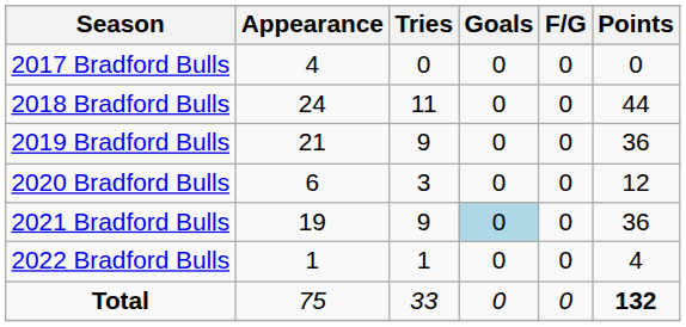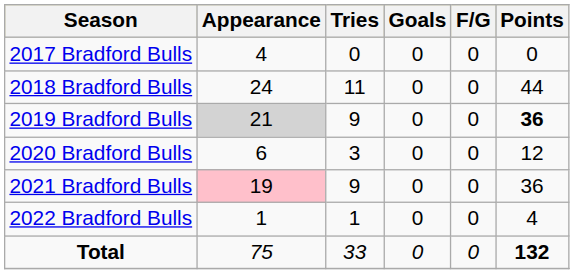 <table class="wikitable" style="text-align:center;">
 <tr bgcolor=#bdb76b>
 <th>Season</th>
 <th>Appearance</th>
 <th>Tries</th>
 <th>Goals</th>
 <th>F/G</th>
 <th>Points</th>
 </tr>
 <tr>
 <td><a href='#'>2017 Bradford Bulls</a></td>
 <td>4</td>
 <td>0</td>
 <td>0</td>
 <td>0</td>
 <td>0</td>
 </tr>
 <tr>
 <td><a href='#'>2018 Bradford Bulls</a></td>
 <td>24</td>
 <td>11</td>
 <td>0</td>
 <td>0</td>
 <td>44</td>
 </tr>
 <tr>
 <td><a href='#'>2019 Bradford Bulls</a></td>
-<td>21</td>
+<td style="background: lightgrey;">21</td>
 <td>9</td>
 <td>0</td>
 <td>0</td>
-<td>36</td>
+<td><strong>36</strong></td>
 </tr>
 <tr>
 <td><a href='#'>2020 Bradford Bulls</a></td>
 <td>6</td>
 <td>3</td>
 <td>0</td>
 <td>0</td>
 <td>12</td>
 </tr>
 <tr>
 <td><a href='#'>2021 Bradford Bulls</a></td>
-<td>19</td>
+<td style="background: pink;">19</td>
 <td>9</td>
-<td style="background: lightblue;">0</td>
+<td>0</td>
 <td>0</td>
 <td>36</td>
 </tr>
 <tr>
 <td><a href='#'>2022 Bradford Bulls</a></td>
 <td>1</td>
 <td>1</td>
 <td>0</td>
 <td>0</td>
 <td>4</td>
 </tr>
 <tr>
 <td><strong>Total</strong></td>
 <td><em>75</em></td>
 <td><em>33</em></td>
 <td><em>0</em></td>
 <td><em>0</em></td>
 <td><strong>132</strong></td>
 </tr>
 <tr>
 </tr>
 </table>
